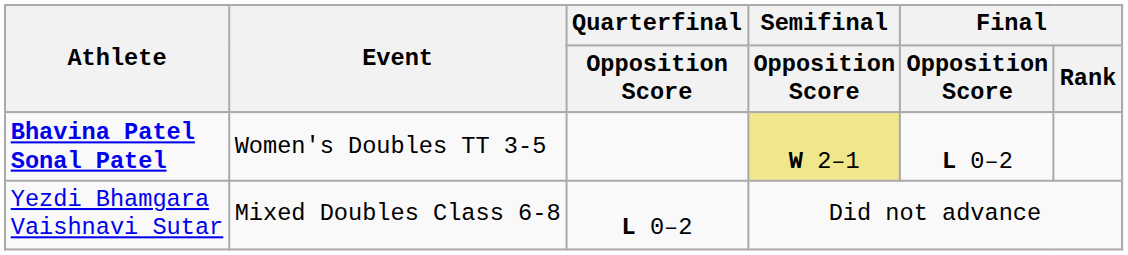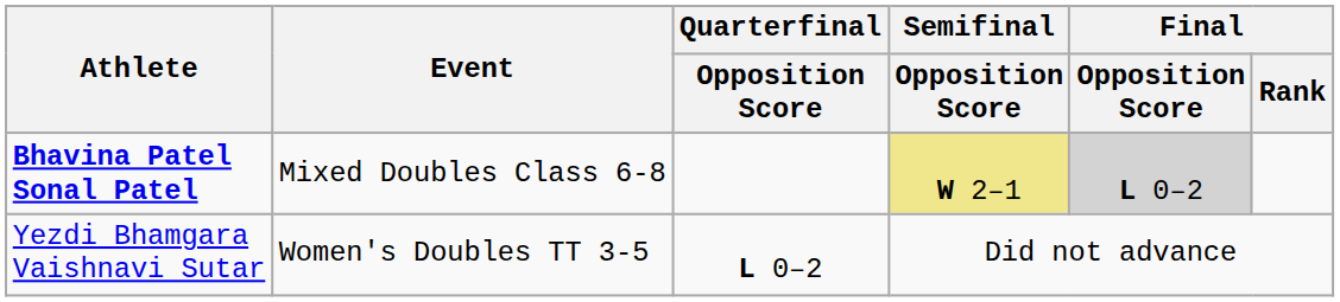 <table class=wikitable style="text-align:center; font-size:90%">
 <tr>
 <th rowspan=2>Athlete</th>
 <th rowspan=2>Event</th>
 <th>Quarterfinal</th>
 <th>Semifinal</th>
 <th colspan=2>Final</th>
 </tr>
 <tr>
 <th>Opposition<br>Score</th>
 <th>Opposition<br>Score</th>
 <th>Opposition<br>Score</th>
 <th>Rank</th>
 </tr>
 <tr>
 <td align=left><strong><a href='#'>Bhavina Patel</a><br><a href='#'>Sonal Patel</a></strong></td>
-<td align=left>Women's Doubles TT 3-5</td>
+<td align=left>Mixed Doubles Class 6-8</td>
 <td></td>
 <td style="background: khaki;"><br><strong>W</strong> 2–1</td>
-<td><br><strong>L</strong> 0–2</td>
+<td style="background: lightgrey;"><br><strong>L</strong> 0–2</td>
 <td></td>
 </tr>
 <tr>
 <td align=left><a href='#'>Yezdi Bhamgara</a><br><a href='#'>Vaishnavi Sutar</a></td>
-<td align=left>Mixed Doubles Class 6-8</td>
+<td align=left>Women's Doubles TT 3-5</td>
 <td><br><strong>L</strong> 0–2</td>
 <td colspan=3>Did not advance</td>
 </tr>
 </table>
